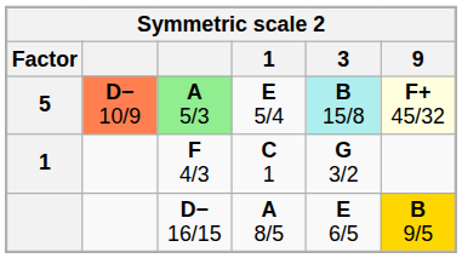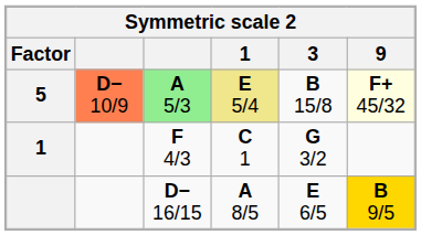 <table class="wikitable" style="text-align: center; display: inline-block;">
 <tr>
 <th colspan=7>Symmetric scale 2</th>
 </tr>
 <tr>
 <th>Factor</th>
 <th style="width: 3em"></th>
 <th style="width: 3em"></th>
 <th style="width: 3em">1</th>
 <th style="width: 3em">3</th>
 <th style="width: 3em">9</th>
 </tr>
 <tr>
 <th>5</th>
 <td style="background-color: #FF7F50"><strong>D−</strong> <br> 10/9</td>
 <td style="background: lightgreen;"><strong>A</strong> <br> 5/3</td>
-<td><strong>E</strong> <br> 5/4</td>
-<td style="background: paleturquoise;"><strong>B</strong> <br> 15/8</td>
+<td style="background: khaki;"><strong>E</strong> <br> 5/4</td>
+<td><strong>B</strong> <br> 15/8</td>
 <td style="background-color: #ffffe0"><strong>F+</strong> <br> 45/32</td>
 </tr>
 <tr>
 <th>1</th>
 <td></td>
 <td><strong>F</strong> <br> 4/3</td>
 <td><strong>C</strong> <br> 1</td>
 <td><strong>G</strong> <br> 3/2</td>
 <td></td>
 </tr>
 <tr>
 <th></th>
 <td></td>
 <td><strong>D−</strong> <br> 16/15</td>
 <td><strong>A</strong> <br> 8/5</td>
 <td><strong>E</strong> <br> 6/5</td>
 <td style="background-color: #FFD700"><strong>B</strong> <br> 9/5</td>
 </tr>
 </table>
